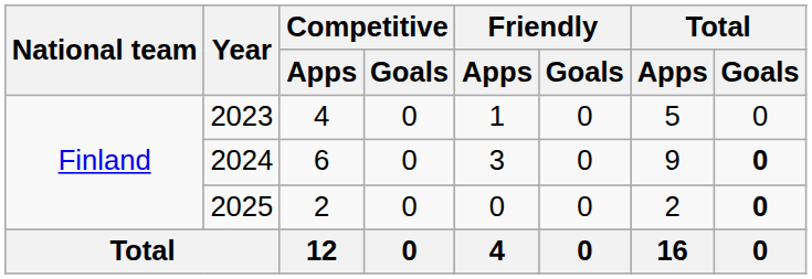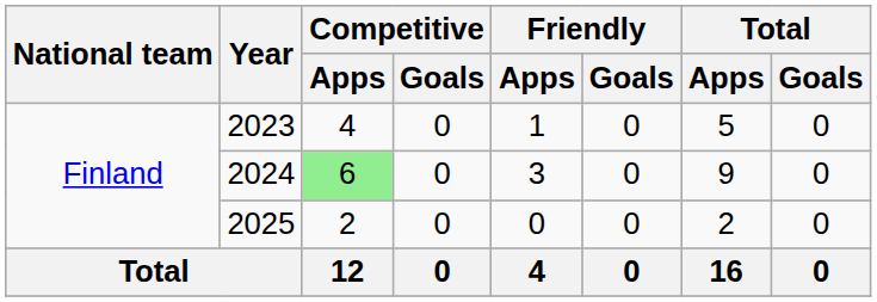 <table class="wikitable" style="text-align:center">
 <tr>
 <th rowspan="2">National team</th>
 <th rowspan="2">Year</th>
 <th colspan="2">Competitive</th>
 <th colspan="2">Friendly</th>
 <th colspan="2">Total</th>
 </tr>
 <tr>
 <th>Apps</th>
 <th>Goals</th>
 <th>Apps</th>
 <th>Goals</th>
 <th>Apps</th>
 <th>Goals</th>
 </tr>
 <tr>
 <td rowspan=3><a href='#'>Finland</a></td>
 <td>2023</td>
 <td>4</td>
 <td>0</td>
 <td>1</td>
 <td>0</td>
 <td>5</td>
 <td>0</td>
 </tr>
 <tr>
 <td>2024</td>
-<td>6</td>
+<td style="background: lightgreen;">6</td>
 <td>0</td>
 <td>3</td>
 <td>0</td>
 <td>9</td>
-<td><strong>0</strong></td>
+<td>0</td>
 </tr>
 <tr>
 <td>2025</td>
 <td>2</td>
 <td>0</td>
 <td>0</td>
 <td>0</td>
 <td>2</td>
-<td><strong>0</strong></td>
+<td>0</td>
 </tr>
 <tr>
 <th colspan=2>Total</th>
 <th>12</th>
 <th>0</th>
 <th>4</th>
 <th>0</th>
 <th>16</th>
 <th>0</th>
 </tr>
 </table>
